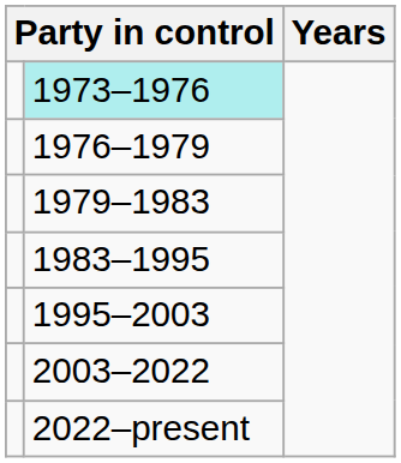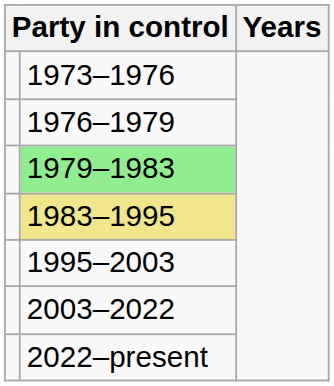 <table class="wikitable">
 <tr>
 <th colspan=2>Party in control</th>
 <th>Years</th>
 </tr>
 <tr>
 <td></td>
-<td style="background: paleturquoise;">1973–1976</td>
+<td>1973–1976</td>
 </tr>
 <tr>
 <td></td>
 <td>1976–1979</td>
 </tr>
 <tr>
 <td></td>
-<td>1979–1983</td>
+<td style="background: lightgreen;">1979–1983</td>
 </tr>
 <tr>
 <td></td>
-<td>1983–1995</td>
+<td style="background: khaki;">1983–1995</td>
 </tr>
 <tr>
 <td></td>
 <td>1995–2003</td>
 </tr>
 <tr>
 <td></td>
 <td>2003–2022</td>
 </tr>
 <tr>
 <td></td>
 <td>2022–present</td>
 </tr>
 </table>
